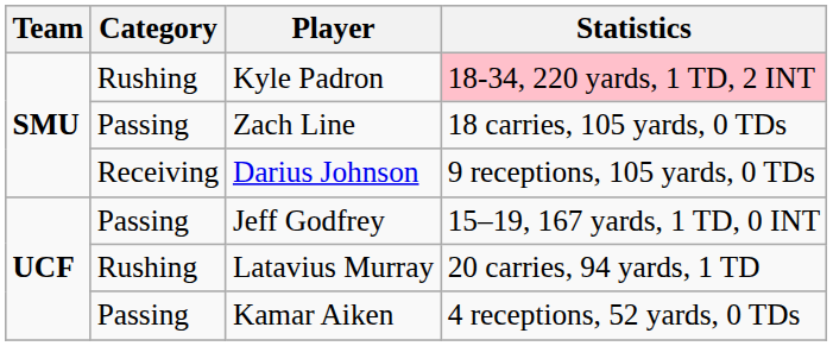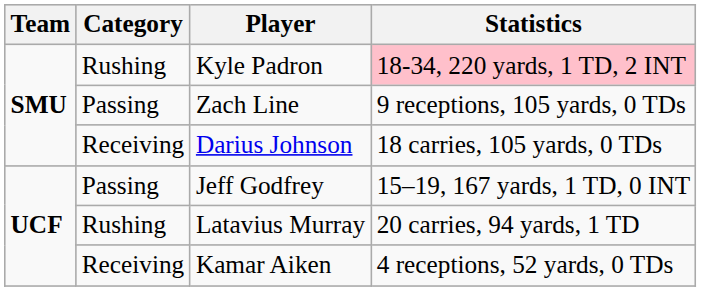 <table class="wikitable">
 <tr>
 <th>Team</th>
 <th>Category</th>
 <th>Player</th>
 <th>Statistics</th>
 </tr>
 <tr>
 <td rowspan="3"><strong>SMU</strong></td>
 <td>Rushing</td>
 <td>Kyle Padron</td>
 <td style="background: pink;">18-34, 220 yards, 1 TD, 2 INT</td>
 </tr>
 <tr>
 <td>Passing</td>
 <td>Zach Line</td>
-<td>18 carries, 105 yards, 0 TDs</td>
+<td>9 receptions, 105 yards, 0 TDs</td>
 </tr>
 <tr>
 <td>Receiving</td>
 <td><a href='#'>Darius Johnson</a></td>
-<td>9 receptions, 105 yards, 0 TDs</td>
+<td>18 carries, 105 yards, 0 TDs</td>
 </tr>
 <tr>
 <td rowspan="3"><strong>UCF</strong></td>
 <td>Passing</td>
 <td>Jeff Godfrey</td>
 <td>15–19, 167 yards, 1 TD, 0 INT</td>
 </tr>
 <tr>
 <td>Rushing</td>
 <td>Latavius Murray</td>
 <td>20 carries, 94 yards, 1 TD</td>
 </tr>
 <tr>
-<td>Passing</td>
+<td>Receiving</td>
 <td>Kamar Aiken</td>
 <td>4 receptions, 52 yards, 0 TDs</td>
 </tr>
 </table>
